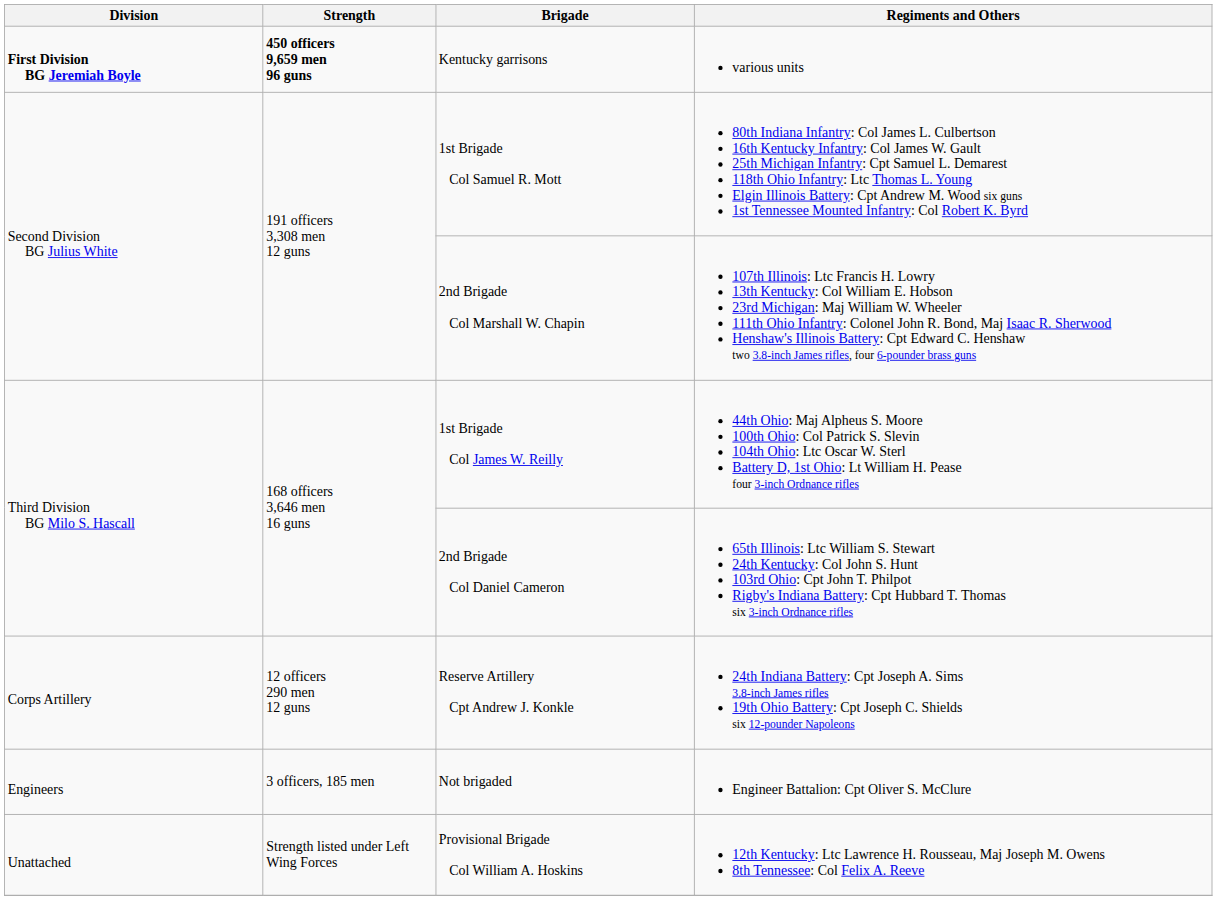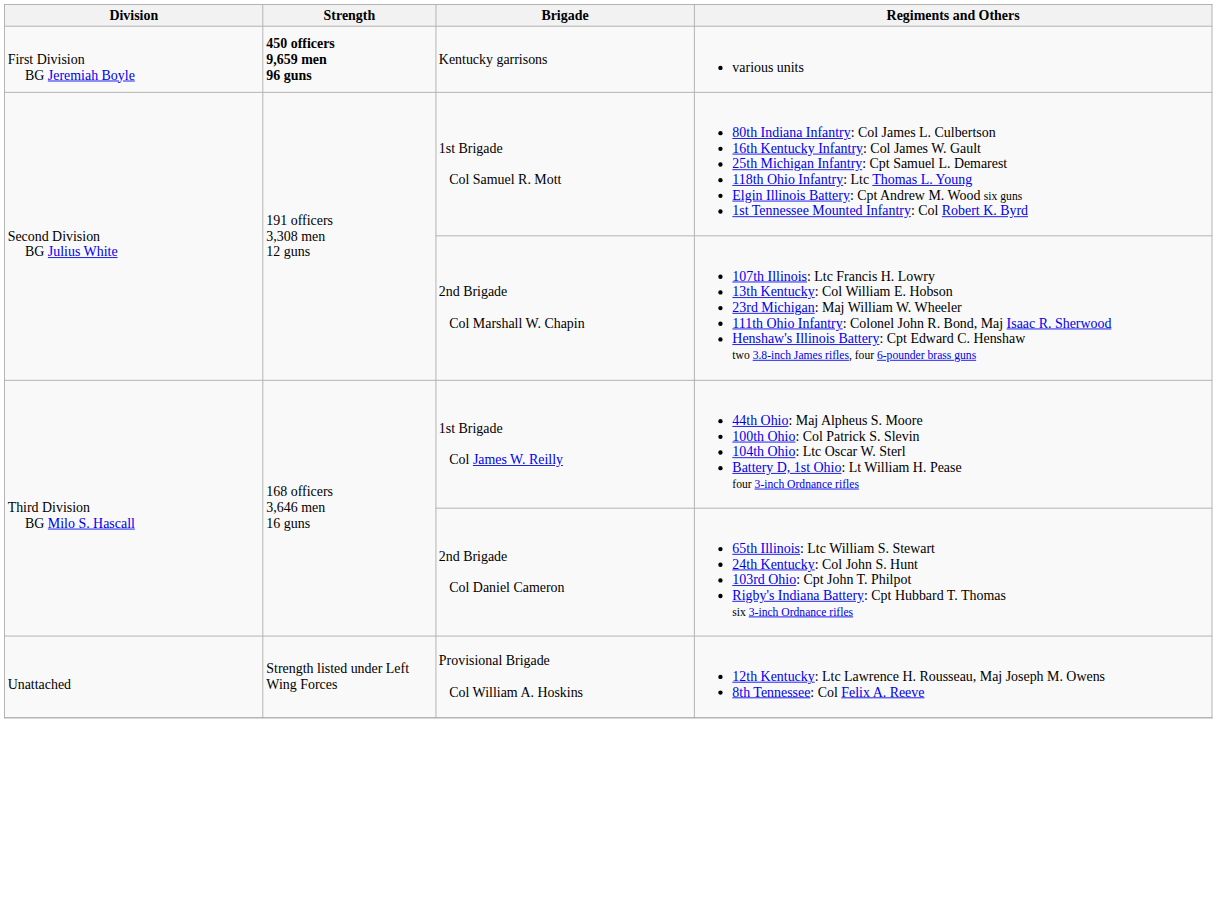 <table class="wikitable" style="text-align:left; width:70%;">
 <tr>
 <th width=15%>Division</th>
 <th width=10%>Strength</th>
 <th width=15%>Brigade</th>
 <th width=30%>Regiments and Others</th>
 </tr>
 <tr>
-<td rowspan=1><strong><br>First Division <br>     BG <a href='#'>Jeremiah Boyle</a></strong></td>
+<td rowspan=1><br>First Division <br>     BG <a href='#'>Jeremiah Boyle</a></td>
 <td rowspan=1><strong>450 officers<br>9,659 men<br>96 guns</strong></td>
 <td>Kentucky garrisons</td>
 <td><br><ul><li>various units</li></ul></td>
 </tr>
 <tr>
 <td rowspan=2><br>Second Division <br>     BG <a href='#'>Julius White</a></td>
 <td rowspan=2>191 officers<br>3,308 men<br>12 guns</td>
 <td>1st Brigade<br><br>   Col Samuel R. Mott</td>
 <td><br><ul><li><a href='#'>80th Indiana Infantry</a>: Col James L. Culbertson</li><li><a href='#'>16th Kentucky Infantry</a>: Col James W. Gault</li><li><a href='#'>25th Michigan Infantry</a>: Cpt Samuel L. Demarest</li><li><a href='#'>118th Ohio Infantry</a>: Ltc <a href='#'>Thomas L. Young</a></li><li><a href='#'>Elgin Illinois Battery</a>: Cpt Andrew M. Wood <small>six guns</small></li><li><a href='#'>1st Tennessee Mounted Infantry</a>: Col <a href='#'>Robert K. Byrd</a></li></ul></td>
 </tr>
 <tr>
 <td>2nd Brigade<br><br>   Col Marshall W. Chapin</td>
 <td><br><ul><li><a href='#'>107th Illinois</a>: Ltc Francis H. Lowry</li><li><a href='#'>13th Kentucky</a>: Col William E. Hobson</li><li><a href='#'>23rd Michigan</a>: Maj William W. Wheeler</li><li><a href='#'>111th Ohio Infantry</a>: Colonel John R. Bond, Maj <a href='#'>Isaac R. Sherwood</a></li><li><a href='#'>Henshaw's Illinois Battery</a>: Cpt Edward C. Henshaw <br><small>two <a href='#'>3.8-inch James rifles</a>, four <a href='#'>6-pounder brass guns</a></small></li></ul></td>
 </tr>
 <tr>
 <td rowspan=2><br>Third Division <br>     BG <a href='#'>Milo S. Hascall</a></td>
 <td rowspan=2>168 officers<br>3,646 men<br>16 guns</td>
 <td>1st Brigade<br><br>   Col <a href='#'>James W. Reilly</a></td>
 <td><br><ul><li><a href='#'>44th Ohio</a>: Maj Alpheus S. Moore</li><li><a href='#'>100th Ohio</a>: Col Patrick S. Slevin</li><li><a href='#'>104th Ohio</a>: Ltc Oscar W. Sterl</li><li><a href='#'>Battery D, 1st Ohio</a>: Lt William H. Pease <br><small>four <a href='#'>3-inch Ordnance rifles</a></small></li></ul></td>
 </tr>
 <tr>
 <td>2nd Brigade<br><br>   Col Daniel Cameron</td>
 <td><br><ul><li><a href='#'>65th Illinois</a>: Ltc William S. Stewart</li><li><a href='#'>24th Kentucky</a>: Col John S. Hunt</li><li><a href='#'>103rd Ohio</a>: Cpt John T. Philpot</li><li><a href='#'>Rigby's Indiana Battery</a>: Cpt Hubbard T. Thomas <br><small>six <a href='#'>3-inch Ordnance rifles</a></small></li></ul></td>
 </tr>
 <tr>
-<td rowspan=1><br>Corps Artillery</td>
-<td rowspan=1>12 officers<br>290 men<br>12 guns</td>
-<td>Reserve Artillery<br><br>   Cpt Andrew J. Konkle</td>
-<td><br><ul><li><a href='#'>24th Indiana Battery</a>: Cpt Joseph A. Sims <br><small><a href='#'>3.8-inch James rifles</a></small></li><li><a href='#'>19th Ohio Battery</a>: Cpt Joseph C. Shields <br><small>six <a href='#'>12-pounder Napoleons</a></small></li></ul></td>
-</tr>
-<tr>
-<td rowspan=1><br>Engineers</td>
-<td rowspan=1>3 officers, 185 men</td>
-<td>Not brigaded</td>
-<td><br><ul><li>Engineer Battalion: Cpt Oliver S. McClure</li></ul></td>
-</tr>
-<tr>
 <td rowspan=1><br>Unattached</td>
 <td rowspan=1>Strength listed under Left Wing Forces</td>
 <td>Provisional Brigade<br><br>   Col William A. Hoskins</td>
 <td><br><ul><li><a href='#'>12th Kentucky</a>: Ltc Lawrence H. Rousseau, Maj Joseph M. Owens</li><li><a href='#'>8th Tennessee</a>: Col <a href='#'>Felix A. Reeve</a></li></ul></td>
 </tr>
 <tr>
 </tr>
 </table>
